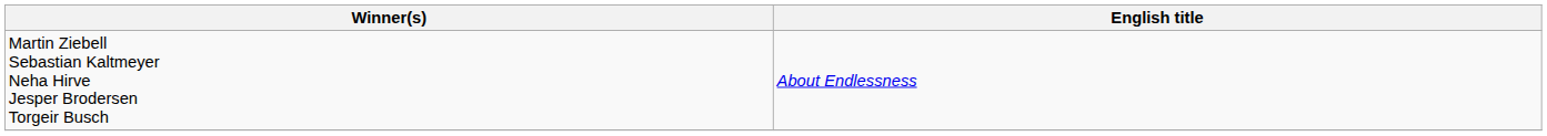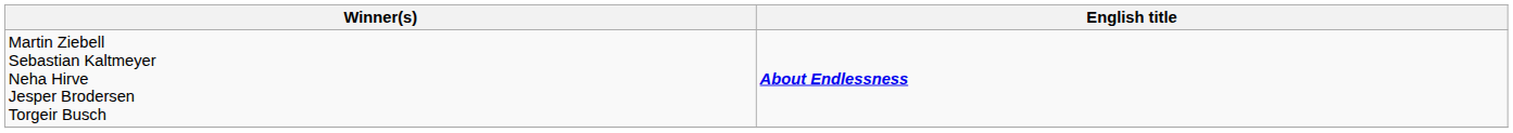 <table class="wikitable" width="95%" cellpadding="5">
 <tr>
 <th width="18%">Winner(s)</th>
 <th width="18%">English title</th>
 </tr>
 <tr>
 <td>  Martin Ziebell <br>  Sebastian Kaltmeyer <br>  Neha Hirve <br>  Jesper Brodersen <br>  Torgeir Busch</td>
-<td><em><a href='#'>About Endlessness</a></em></td>
+<td><strong><em><a href='#'>About Endlessness</a></em></strong></td>
 </tr>
 <tr>
 </tr>
 </table>
